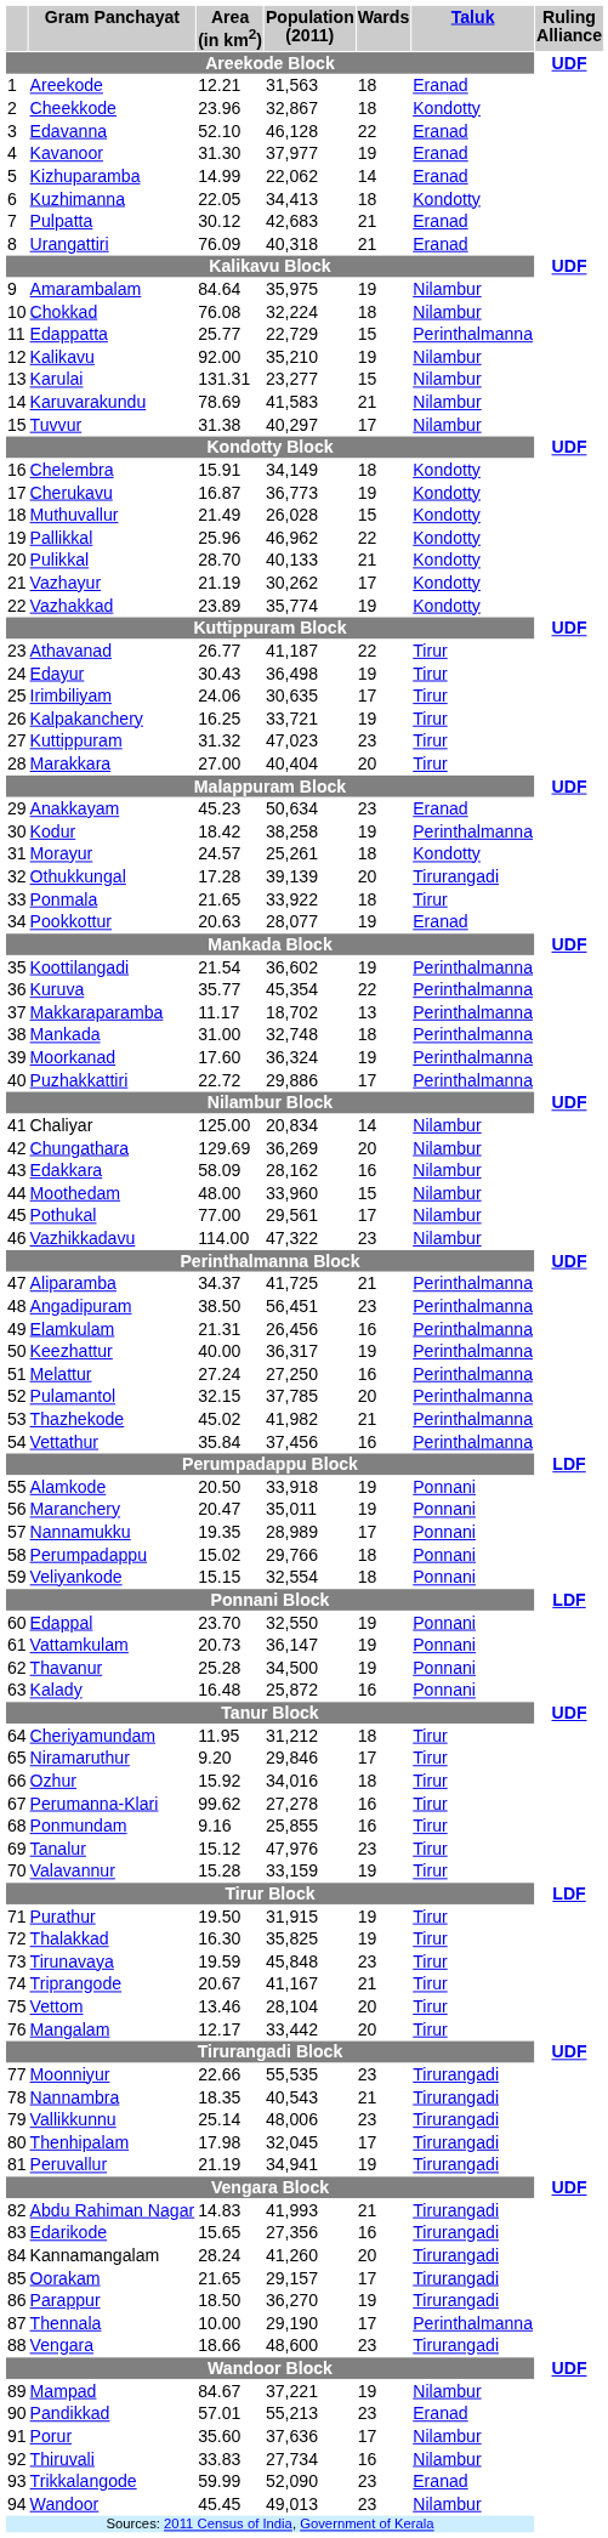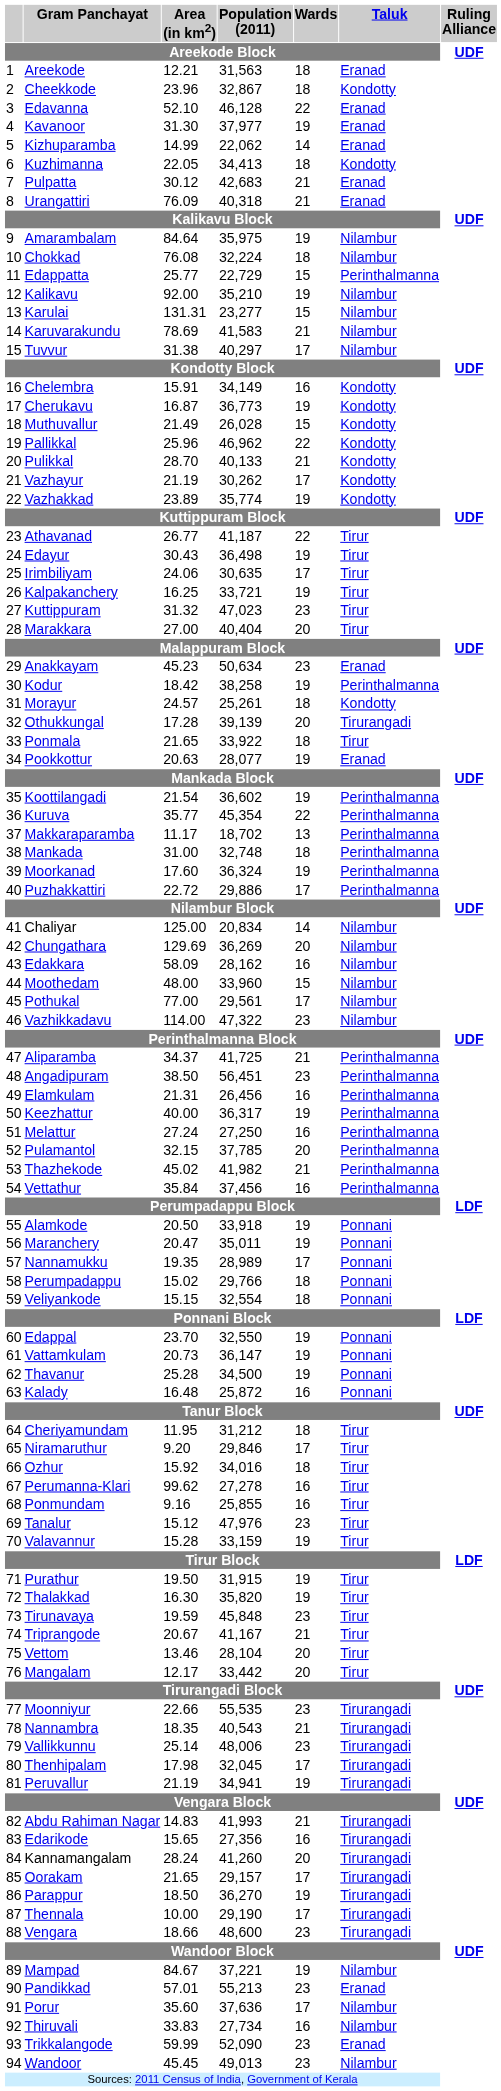 <table align="left" class="toccolours" cellspacing="1" cellpadding="1" style="margin-right: .5em; margin-top: .4em; font-size: 90%">
 <tr>
 </tr>
 <tr bgcolor="#cccccc" valign="top">
 <th></th>
 <th>Gram Panchayat</th>
 <th>Area<br>(in km<sup>2</sup>)</th>
 <th>Population<br>(2011)</th>
 <th>Wards</th>
 <th><a href='#'>Taluk</a></th>
 <th>Ruling<br>Alliance</th>
 </tr>
 <tr>
 <td colspan=6 style="text-align: center; background-color: grey; color: white;"><strong>Areekode Block</strong></td>
 <td style="text-align: center; background-color:"><a href='#'><span><strong>UDF</strong></span></a></td>
 </tr>
 <tr>
 <td>1</td>
 <td><a href='#'>Areekode</a></td>
 <td>12.21</td>
 <td>31,563</td>
 <td>18</td>
 <td><a href='#'>Eranad</a></td>
 <td></td>
 </tr>
 <tr>
 <td>2</td>
 <td><a href='#'>Cheekkode</a></td>
 <td>23.96</td>
 <td>32,867</td>
 <td>18</td>
 <td><a href='#'>Kondotty</a></td>
 <td></td>
 </tr>
 <tr>
 <td>3</td>
 <td><a href='#'>Edavanna</a></td>
 <td>52.10</td>
 <td>46,128</td>
 <td>22</td>
 <td><a href='#'>Eranad</a></td>
 <td></td>
 </tr>
 <tr>
 <td>4</td>
 <td><a href='#'>Kavanoor</a></td>
 <td>31.30</td>
 <td>37,977</td>
 <td>19</td>
 <td><a href='#'>Eranad</a></td>
 <td></td>
 </tr>
 <tr>
 <td>5</td>
 <td><a href='#'>Kizhuparamba</a></td>
 <td>14.99</td>
 <td>22,062</td>
 <td>14</td>
 <td><a href='#'>Eranad</a></td>
 <td></td>
 </tr>
 <tr>
 <td>6</td>
 <td><a href='#'>Kuzhimanna</a></td>
 <td>22.05</td>
 <td>34,413</td>
 <td>18</td>
 <td><a href='#'>Kondotty</a></td>
 <td></td>
 </tr>
 <tr>
 <td>7</td>
 <td><a href='#'>Pulpatta</a></td>
 <td>30.12</td>
 <td>42,683</td>
 <td>21</td>
 <td><a href='#'>Eranad</a></td>
 <td></td>
 </tr>
 <tr>
 <td>8</td>
 <td><a href='#'>Urangattiri</a></td>
 <td>76.09</td>
 <td>40,318</td>
 <td>21</td>
 <td><a href='#'>Eranad</a></td>
 <td></td>
 </tr>
 <tr>
 <td colspan=6 style="text-align: center; background-color: grey; color: white;"><strong>Kalikavu Block</strong></td>
 <td style="text-align: center; background-color:"><a href='#'><span><strong>UDF</strong></span></a></td>
 </tr>
 <tr>
 <td>9</td>
 <td><a href='#'>Amarambalam</a></td>
 <td>84.64</td>
 <td>35,975</td>
 <td>19</td>
 <td><a href='#'>Nilambur</a></td>
 <td></td>
 </tr>
 <tr>
 <td>10</td>
 <td><a href='#'>Chokkad</a></td>
 <td>76.08</td>
 <td>32,224</td>
 <td>18</td>
 <td><a href='#'>Nilambur</a></td>
 <td></td>
 </tr>
 <tr>
 <td>11</td>
 <td><a href='#'>Edappatta</a></td>
 <td>25.77</td>
 <td>22,729</td>
 <td>15</td>
 <td><a href='#'>Perinthalmanna</a></td>
 <td></td>
 </tr>
 <tr>
 <td>12</td>
 <td><a href='#'>Kalikavu</a></td>
 <td>92.00</td>
 <td>35,210</td>
 <td>19</td>
 <td><a href='#'>Nilambur</a></td>
 <td></td>
 </tr>
 <tr>
 <td>13</td>
 <td><a href='#'>Karulai</a></td>
 <td>131.31</td>
 <td>23,277</td>
 <td>15</td>
 <td><a href='#'>Nilambur</a></td>
 <td></td>
 </tr>
 <tr>
 <td>14</td>
 <td><a href='#'>Karuvarakundu</a></td>
 <td>78.69</td>
 <td>41,583</td>
 <td>21</td>
 <td><a href='#'>Nilambur</a></td>
 <td></td>
 </tr>
 <tr>
 <td>15</td>
 <td><a href='#'>Tuvvur</a></td>
 <td>31.38</td>
 <td>40,297</td>
 <td>17</td>
 <td><a href='#'>Nilambur</a></td>
 <td></td>
 </tr>
 <tr>
 <td colspan=6 style="text-align: center; background-color: grey; color: white;"><strong>Kondotty Block</strong></td>
 <td style="text-align: center; background-color:"><a href='#'><span><strong>UDF</strong></span></a></td>
 </tr>
 <tr>
 <td>16</td>
 <td><a href='#'>Chelembra</a></td>
 <td>15.91</td>
 <td>34,149</td>
-<td>18</td>
+<td>16</td>
 <td><a href='#'>Kondotty</a></td>
 <td></td>
 </tr>
 <tr>
 <td>17</td>
 <td><a href='#'>Cherukavu</a></td>
 <td>16.87</td>
 <td>36,773</td>
 <td>19</td>
 <td><a href='#'>Kondotty</a></td>
 <td></td>
 </tr>
 <tr>
 <td>18</td>
 <td><a href='#'>Muthuvallur</a></td>
 <td>21.49</td>
 <td>26,028</td>
 <td>15</td>
 <td><a href='#'>Kondotty</a></td>
 <td></td>
 </tr>
 <tr>
 <td>19</td>
 <td><a href='#'>Pallikkal</a></td>
 <td>25.96</td>
 <td>46,962</td>
 <td>22</td>
 <td><a href='#'>Kondotty</a></td>
 <td></td>
 </tr>
 <tr>
 <td>20</td>
 <td><a href='#'>Pulikkal</a></td>
 <td>28.70</td>
 <td>40,133</td>
 <td>21</td>
 <td><a href='#'>Kondotty</a></td>
 <td></td>
 </tr>
 <tr>
 <td>21</td>
 <td><a href='#'>Vazhayur</a></td>
 <td>21.19</td>
 <td>30,262</td>
 <td>17</td>
 <td><a href='#'>Kondotty</a></td>
 <td></td>
 </tr>
 <tr>
 <td>22</td>
 <td><a href='#'>Vazhakkad</a></td>
 <td>23.89</td>
 <td>35,774</td>
 <td>19</td>
 <td><a href='#'>Kondotty</a></td>
 <td></td>
 </tr>
 <tr>
 <td colspan=6 style="text-align: center; background-color: grey; color: white;"><strong>Kuttippuram Block</strong></td>
 <td style="text-align: center; background-color:"><a href='#'><span><strong>UDF</strong></span></a></td>
 </tr>
 <tr>
 <td>23</td>
 <td><a href='#'>Athavanad</a></td>
 <td>26.77</td>
 <td>41,187</td>
 <td>22</td>
 <td><a href='#'>Tirur</a></td>
 <td></td>
 </tr>
 <tr>
 <td>24</td>
 <td><a href='#'>Edayur</a></td>
 <td>30.43</td>
 <td>36,498</td>
 <td>19</td>
 <td><a href='#'>Tirur</a></td>
 <td></td>
 </tr>
 <tr>
 <td>25</td>
 <td><a href='#'>Irimbiliyam</a></td>
 <td>24.06</td>
 <td>30,635</td>
 <td>17</td>
 <td><a href='#'>Tirur</a></td>
 <td></td>
 </tr>
 <tr>
 <td>26</td>
 <td><a href='#'>Kalpakanchery</a></td>
 <td>16.25</td>
 <td>33,721</td>
 <td>19</td>
 <td><a href='#'>Tirur</a></td>
 <td></td>
 </tr>
 <tr>
 <td>27</td>
 <td><a href='#'>Kuttippuram</a></td>
 <td>31.32</td>
 <td>47,023</td>
 <td>23</td>
 <td><a href='#'>Tirur</a></td>
 <td></td>
 </tr>
 <tr>
 <td>28</td>
 <td><a href='#'>Marakkara</a></td>
 <td>27.00</td>
 <td>40,404</td>
 <td>20</td>
 <td><a href='#'>Tirur</a></td>
 <td></td>
 </tr>
 <tr>
 <td colspan=6 style="text-align: center; background-color: grey; color: white;"><strong>Malappuram Block</strong></td>
 <td style="text-align: center; background-color:"><a href='#'><span><strong>UDF</strong></span></a></td>
 </tr>
 <tr>
 <td>29</td>
 <td><a href='#'>Anakkayam</a></td>
 <td>45.23</td>
 <td>50,634</td>
 <td>23</td>
 <td><a href='#'>Eranad</a></td>
 <td></td>
 </tr>
 <tr>
 <td>30</td>
 <td><a href='#'>Kodur</a></td>
 <td>18.42</td>
 <td>38,258</td>
 <td>19</td>
 <td><a href='#'>Perinthalmanna</a></td>
 <td></td>
 </tr>
 <tr>
 <td>31</td>
 <td><a href='#'>Morayur</a></td>
 <td>24.57</td>
 <td>25,261</td>
 <td>18</td>
 <td><a href='#'>Kondotty</a></td>
 <td></td>
 </tr>
 <tr>
 <td>32</td>
 <td><a href='#'>Othukkungal</a></td>
 <td>17.28</td>
 <td>39,139</td>
 <td>20</td>
 <td><a href='#'>Tirurangadi</a></td>
 <td></td>
 </tr>
 <tr>
 <td>33</td>
 <td><a href='#'>Ponmala</a></td>
 <td>21.65</td>
 <td>33,922</td>
 <td>18</td>
 <td><a href='#'>Tirur</a></td>
 <td></td>
 </tr>
 <tr>
 <td>34</td>
 <td><a href='#'>Pookkottur</a></td>
 <td>20.63</td>
 <td>28,077</td>
 <td>19</td>
 <td><a href='#'>Eranad</a></td>
 <td></td>
 </tr>
 <tr>
 <td colspan=6 style="text-align: center; background-color: grey; color: white;"><strong>Mankada Block</strong></td>
 <td style="text-align: center; background-color:"><a href='#'><span><strong>UDF</strong></span></a></td>
 </tr>
 <tr>
 <td>35</td>
 <td><a href='#'>Koottilangadi</a></td>
 <td>21.54</td>
 <td>36,602</td>
 <td>19</td>
 <td><a href='#'>Perinthalmanna</a></td>
 <td></td>
 </tr>
 <tr>
 <td>36</td>
 <td><a href='#'>Kuruva</a></td>
 <td>35.77</td>
 <td>45,354</td>
 <td>22</td>
 <td><a href='#'>Perinthalmanna</a></td>
 <td></td>
 </tr>
 <tr>
 <td>37</td>
 <td><a href='#'>Makkaraparamba</a></td>
 <td>11.17</td>
 <td>18,702</td>
 <td>13</td>
 <td><a href='#'>Perinthalmanna</a></td>
 <td></td>
 </tr>
 <tr>
 <td>38</td>
 <td><a href='#'>Mankada</a></td>
 <td>31.00</td>
 <td>32,748</td>
 <td>18</td>
 <td><a href='#'>Perinthalmanna</a></td>
 <td></td>
 </tr>
 <tr>
 <td>39</td>
 <td><a href='#'>Moorkanad</a></td>
 <td>17.60</td>
 <td>36,324</td>
 <td>19</td>
 <td><a href='#'>Perinthalmanna</a></td>
 <td></td>
 </tr>
 <tr>
 <td>40</td>
 <td><a href='#'>Puzhakkattiri</a></td>
 <td>22.72</td>
 <td>29,886</td>
 <td>17</td>
 <td><a href='#'>Perinthalmanna</a></td>
 <td></td>
 </tr>
 <tr>
 <td colspan=6 style="text-align: center; background-color: grey; color: white;"><strong>Nilambur Block</strong></td>
 <td style="text-align: center; background-color:"><a href='#'><span><strong>UDF</strong></span></a></td>
 </tr>
 <tr>
 <td>41</td>
 <td>Chaliyar</td>
 <td>125.00</td>
 <td>20,834</td>
 <td>14</td>
 <td><a href='#'>Nilambur</a></td>
 <td></td>
 </tr>
 <tr>
 <td>42</td>
 <td><a href='#'>Chungathara</a></td>
 <td>129.69</td>
 <td>36,269</td>
 <td>20</td>
 <td><a href='#'>Nilambur</a></td>
 <td></td>
 </tr>
 <tr>
 <td>43</td>
 <td><a href='#'>Edakkara</a></td>
 <td>58.09</td>
 <td>28,162</td>
 <td>16</td>
 <td><a href='#'>Nilambur</a></td>
 <td></td>
 </tr>
 <tr>
 <td>44</td>
 <td><a href='#'>Moothedam</a></td>
 <td>48.00</td>
 <td>33,960</td>
 <td>15</td>
 <td><a href='#'>Nilambur</a></td>
 <td></td>
 </tr>
 <tr>
 <td>45</td>
 <td><a href='#'>Pothukal</a></td>
 <td>77.00</td>
 <td>29,561</td>
 <td>17</td>
 <td><a href='#'>Nilambur</a></td>
 <td></td>
 </tr>
 <tr>
 <td>46</td>
 <td><a href='#'>Vazhikkadavu</a></td>
 <td>114.00</td>
 <td>47,322</td>
 <td>23</td>
 <td><a href='#'>Nilambur</a></td>
 <td></td>
 </tr>
 <tr>
 <td colspan=6 style="text-align: center; background-color: grey; color: white;"><strong>Perinthalmanna Block</strong></td>
 <td style="text-align: center; background-color:"><a href='#'><span><strong>UDF</strong></span></a></td>
 </tr>
 <tr>
 <td>47</td>
 <td><a href='#'>Aliparamba</a></td>
 <td>34.37</td>
 <td>41,725</td>
 <td>21</td>
 <td><a href='#'>Perinthalmanna</a></td>
 <td></td>
 </tr>
 <tr>
 <td>48</td>
 <td><a href='#'>Angadipuram</a></td>
 <td>38.50</td>
 <td>56,451</td>
 <td>23</td>
 <td><a href='#'>Perinthalmanna</a></td>
 <td></td>
 </tr>
 <tr>
 <td>49</td>
 <td><a href='#'>Elamkulam</a></td>
 <td>21.31</td>
 <td>26,456</td>
 <td>16</td>
 <td><a href='#'>Perinthalmanna</a></td>
 <td></td>
 </tr>
 <tr>
 <td>50</td>
 <td><a href='#'>Keezhattur</a></td>
 <td>40.00</td>
 <td>36,317</td>
 <td>19</td>
 <td><a href='#'>Perinthalmanna</a></td>
 <td></td>
 </tr>
 <tr>
 <td>51</td>
 <td><a href='#'>Melattur</a></td>
 <td>27.24</td>
 <td>27,250</td>
 <td>16</td>
 <td><a href='#'>Perinthalmanna</a></td>
 <td></td>
 </tr>
 <tr>
 <td>52</td>
 <td><a href='#'>Pulamantol</a></td>
 <td>32.15</td>
 <td>37,785</td>
 <td>20</td>
 <td><a href='#'>Perinthalmanna</a></td>
 <td></td>
 </tr>
 <tr>
 <td>53</td>
 <td><a href='#'>Thazhekode</a></td>
 <td>45.02</td>
 <td>41,982</td>
 <td>21</td>
 <td><a href='#'>Perinthalmanna</a></td>
 <td></td>
 </tr>
 <tr>
 <td>54</td>
 <td><a href='#'>Vettathur</a></td>
 <td>35.84</td>
 <td>37,456</td>
 <td>16</td>
 <td><a href='#'>Perinthalmanna</a></td>
 <td></td>
 </tr>
 <tr>
 <td colspan=6 style="text-align: center; background-color: grey; color: white;"><strong>Perumpadappu Block</strong></td>
 <td style="text-align: center; background-color:"><a href='#'><span><strong>LDF</strong></span></a></td>
 </tr>
 <tr>
 <td>55</td>
 <td><a href='#'>Alamkode</a></td>
 <td>20.50</td>
 <td>33,918</td>
 <td>19</td>
 <td><a href='#'>Ponnani</a></td>
 <td></td>
 </tr>
 <tr>
 <td>56</td>
 <td><a href='#'>Maranchery</a></td>
 <td>20.47</td>
 <td>35,011</td>
 <td>19</td>
 <td><a href='#'>Ponnani</a></td>
 <td></td>
 </tr>
 <tr>
 <td>57</td>
 <td><a href='#'>Nannamukku</a></td>
 <td>19.35</td>
 <td>28,989</td>
 <td>17</td>
 <td><a href='#'>Ponnani</a></td>
 <td></td>
 </tr>
 <tr>
 <td>58</td>
 <td><a href='#'>Perumpadappu</a></td>
 <td>15.02</td>
 <td>29,766</td>
 <td>18</td>
 <td><a href='#'>Ponnani</a></td>
 <td></td>
 </tr>
 <tr>
 <td>59</td>
 <td><a href='#'>Veliyankode</a></td>
 <td>15.15</td>
 <td>32,554</td>
 <td>18</td>
 <td><a href='#'>Ponnani</a></td>
 <td></td>
 </tr>
 <tr>
 <td colspan=6 style="text-align: center; background-color: grey; color: white;"><strong>Ponnani Block</strong></td>
 <td style="text-align: center; background-color:"><a href='#'><span><strong>LDF</strong></span></a></td>
 </tr>
 <tr>
 <td>60</td>
 <td><a href='#'>Edappal</a></td>
 <td>23.70</td>
 <td>32,550</td>
 <td>19</td>
 <td><a href='#'>Ponnani</a></td>
 <td></td>
 </tr>
 <tr>
 <td>61</td>
 <td><a href='#'>Vattamkulam</a></td>
 <td>20.73</td>
 <td>36,147</td>
 <td>19</td>
 <td><a href='#'>Ponnani</a></td>
 <td></td>
 </tr>
 <tr>
 <td>62</td>
 <td><a href='#'>Thavanur</a></td>
 <td>25.28</td>
 <td>34,500</td>
 <td>19</td>
 <td><a href='#'>Ponnani</a></td>
 <td></td>
 </tr>
 <tr>
 <td>63</td>
 <td><a href='#'>Kalady</a></td>
 <td>16.48</td>
 <td>25,872</td>
 <td>16</td>
 <td><a href='#'>Ponnani</a></td>
 <td></td>
 </tr>
 <tr>
 <td colspan=6 style="text-align: center; background-color: grey; color: white;"><strong>Tanur Block</strong></td>
 <td style="text-align: center; background-color:"><a href='#'><span><strong>UDF</strong></span></a></td>
 </tr>
 <tr>
 <td>64</td>
 <td><a href='#'>Cheriyamundam</a></td>
 <td>11.95</td>
 <td>31,212</td>
 <td>18</td>
 <td><a href='#'>Tirur</a></td>
 <td></td>
 </tr>
 <tr>
 <td>65</td>
 <td><a href='#'>Niramaruthur</a></td>
 <td>9.20</td>
 <td>29,846</td>
 <td>17</td>
 <td><a href='#'>Tirur</a></td>
 <td></td>
 </tr>
 <tr>
 <td>66</td>
 <td><a href='#'>Ozhur</a></td>
 <td>15.92</td>
 <td>34,016</td>
 <td>18</td>
 <td><a href='#'>Tirur</a></td>
 <td></td>
 </tr>
 <tr>
 <td>67</td>
 <td><a href='#'>Perumanna-Klari</a></td>
 <td>99.62</td>
 <td>27,278</td>
 <td>16</td>
 <td><a href='#'>Tirur</a></td>
 <td></td>
 </tr>
 <tr>
 <td>68</td>
 <td><a href='#'>Ponmundam</a></td>
 <td>9.16</td>
 <td>25,855</td>
 <td>16</td>
 <td><a href='#'>Tirur</a></td>
 <td></td>
 </tr>
 <tr>
 <td>69</td>
 <td><a href='#'>Tanalur</a></td>
 <td>15.12</td>
 <td>47,976</td>
 <td>23</td>
 <td><a href='#'>Tirur</a></td>
 <td></td>
 </tr>
 <tr>
 <td>70</td>
 <td><a href='#'>Valavannur</a></td>
 <td>15.28</td>
 <td>33,159</td>
 <td>19</td>
 <td><a href='#'>Tirur</a></td>
 <td></td>
 </tr>
 <tr>
 <td colspan=6 style="text-align: center; background-color: grey; color: white;"><strong>Tirur Block</strong></td>
 <td style="text-align: center; background-color:"><a href='#'><span><strong>LDF</strong></span></a></td>
 </tr>
 <tr>
 <td>71</td>
 <td><a href='#'>Purathur</a></td>
 <td>19.50</td>
 <td>31,915</td>
 <td>19</td>
 <td><a href='#'>Tirur</a></td>
 <td></td>
 </tr>
 <tr>
 <td>72</td>
 <td><a href='#'>Thalakkad</a></td>
 <td>16.30</td>
-<td>35,825</td>
+<td>35,820</td>
 <td>19</td>
 <td><a href='#'>Tirur</a></td>
 <td></td>
 </tr>
 <tr>
 <td>73</td>
 <td><a href='#'>Tirunavaya</a></td>
 <td>19.59</td>
 <td>45,848</td>
 <td>23</td>
 <td><a href='#'>Tirur</a></td>
 <td></td>
 </tr>
 <tr>
 <td>74</td>
 <td><a href='#'>Triprangode</a></td>
 <td>20.67</td>
 <td>41,167</td>
 <td>21</td>
 <td><a href='#'>Tirur</a></td>
 <td></td>
 </tr>
 <tr>
 <td>75</td>
 <td><a href='#'>Vettom</a></td>
 <td>13.46</td>
 <td>28,104</td>
 <td>20</td>
 <td><a href='#'>Tirur</a></td>
 <td></td>
 </tr>
 <tr>
 <td>76</td>
 <td><a href='#'>Mangalam</a></td>
 <td>12.17</td>
 <td>33,442</td>
 <td>20</td>
 <td><a href='#'>Tirur</a></td>
 <td></td>
 </tr>
 <tr>
 <td colspan=6 style="text-align: center; background-color: grey; color: white;"><strong>Tirurangadi Block</strong></td>
 <td style="text-align: center; background-color:"><a href='#'><span><strong>UDF</strong></span></a></td>
 </tr>
 <tr>
 <td>77</td>
 <td><a href='#'>Moonniyur</a></td>
 <td>22.66</td>
 <td>55,535</td>
 <td>23</td>
 <td><a href='#'>Tirurangadi</a></td>
 <td></td>
 </tr>
 <tr>
 <td>78</td>
 <td><a href='#'>Nannambra</a></td>
 <td>18.35</td>
 <td>40,543</td>
 <td>21</td>
 <td><a href='#'>Tirurangadi</a></td>
 <td></td>
 </tr>
 <tr>
 <td>79</td>
 <td><a href='#'>Vallikkunnu</a></td>
 <td>25.14</td>
 <td>48,006</td>
 <td>23</td>
 <td><a href='#'>Tirurangadi</a></td>
 <td></td>
 </tr>
 <tr>
 <td>80</td>
 <td><a href='#'>Thenhipalam</a></td>
 <td>17.98</td>
 <td>32,045</td>
 <td>17</td>
 <td><a href='#'>Tirurangadi</a></td>
 <td></td>
 </tr>
 <tr>
 <td>81</td>
 <td><a href='#'>Peruvallur</a></td>
 <td>21.19</td>
 <td>34,941</td>
 <td>19</td>
 <td><a href='#'>Tirurangadi</a></td>
 <td></td>
 </tr>
 <tr>
 <td colspan=6 style="text-align: center; background-color: grey; color: white;"><strong>Vengara Block</strong></td>
 <td style="text-align: center; background-color:"><a href='#'><span><strong>UDF</strong></span></a></td>
 </tr>
 <tr>
 <td>82</td>
 <td><a href='#'>Abdu Rahiman Nagar</a></td>
 <td>14.83</td>
 <td>41,993</td>
 <td>21</td>
 <td><a href='#'>Tirurangadi</a></td>
 <td></td>
 </tr>
 <tr>
 <td>83</td>
 <td><a href='#'>Edarikode</a></td>
 <td>15.65</td>
 <td>27,356</td>
 <td>16</td>
 <td><a href='#'>Tirurangadi</a></td>
 <td></td>
 </tr>
 <tr>
 <td>84</td>
 <td>Kannamangalam</td>
 <td>28.24</td>
 <td>41,260</td>
 <td>20</td>
 <td><a href='#'>Tirurangadi</a></td>
 <td></td>
 </tr>
 <tr>
 <td>85</td>
 <td><a href='#'>Oorakam</a></td>
 <td>21.65</td>
 <td>29,157</td>
 <td>17</td>
 <td><a href='#'>Tirurangadi</a></td>
 <td></td>
 </tr>
 <tr>
 <td>86</td>
 <td><a href='#'>Parappur</a></td>
 <td>18.50</td>
 <td>36,270</td>
 <td>19</td>
 <td><a href='#'>Tirurangadi</a></td>
 <td></td>
 </tr>
 <tr>
 <td>87</td>
 <td><a href='#'>Thennala</a></td>
 <td>10.00</td>
 <td>29,190</td>
 <td>17</td>
-<td><a href='#'>Perinthalmanna</a></td>
+<td><a href='#'>Tirurangadi</a></td>
 <td></td>
 </tr>
 <tr>
 <td>88</td>
 <td><a href='#'>Vengara</a></td>
 <td>18.66</td>
 <td>48,600</td>
 <td>23</td>
 <td><a href='#'>Tirurangadi</a></td>
 <td></td>
 </tr>
 <tr>
 <td colspan=6 style="text-align: center; background-color: grey; color: white;"><strong>Wandoor Block</strong></td>
 <td style="text-align: center; background-color:"><a href='#'><span><strong>UDF</strong></span></a></td>
 </tr>
 <tr>
 <td>89</td>
 <td><a href='#'>Mampad</a></td>
 <td>84.67</td>
 <td>37,221</td>
 <td>19</td>
 <td><a href='#'>Nilambur</a></td>
 <td></td>
 </tr>
 <tr>
 <td>90</td>
 <td><a href='#'>Pandikkad</a></td>
 <td>57.01</td>
 <td>55,213</td>
 <td>23</td>
 <td><a href='#'>Eranad</a></td>
 <td></td>
 </tr>
 <tr>
 <td>91</td>
 <td><a href='#'>Porur</a></td>
 <td>35.60</td>
 <td>37,636</td>
 <td>17</td>
 <td><a href='#'>Nilambur</a></td>
 <td></td>
 </tr>
 <tr>
 <td>92</td>
 <td><a href='#'>Thiruvali</a></td>
 <td>33.83</td>
 <td>27,734</td>
 <td>16</td>
 <td><a href='#'>Nilambur</a></td>
 <td></td>
 </tr>
 <tr>
 <td>93</td>
 <td><a href='#'>Trikkalangode</a></td>
 <td>59.99</td>
 <td>52,090</td>
 <td>23</td>
 <td><a href='#'>Eranad</a></td>
 <td></td>
 </tr>
 <tr>
 <td>94</td>
 <td><a href='#'>Wandoor</a></td>
 <td>45.45</td>
 <td>49,013</td>
 <td>23</td>
 <td><a href='#'>Nilambur</a></td>
 <td></td>
 </tr>
 <tr>
 <td style="font-size: 80%" colspan=6 bgcolor="#cceeff" align="center">Sources: <a href='#'>2011 Census of India</a>, <a href='#'>Government of Kerala</a></td>
 </tr>
 </table>
